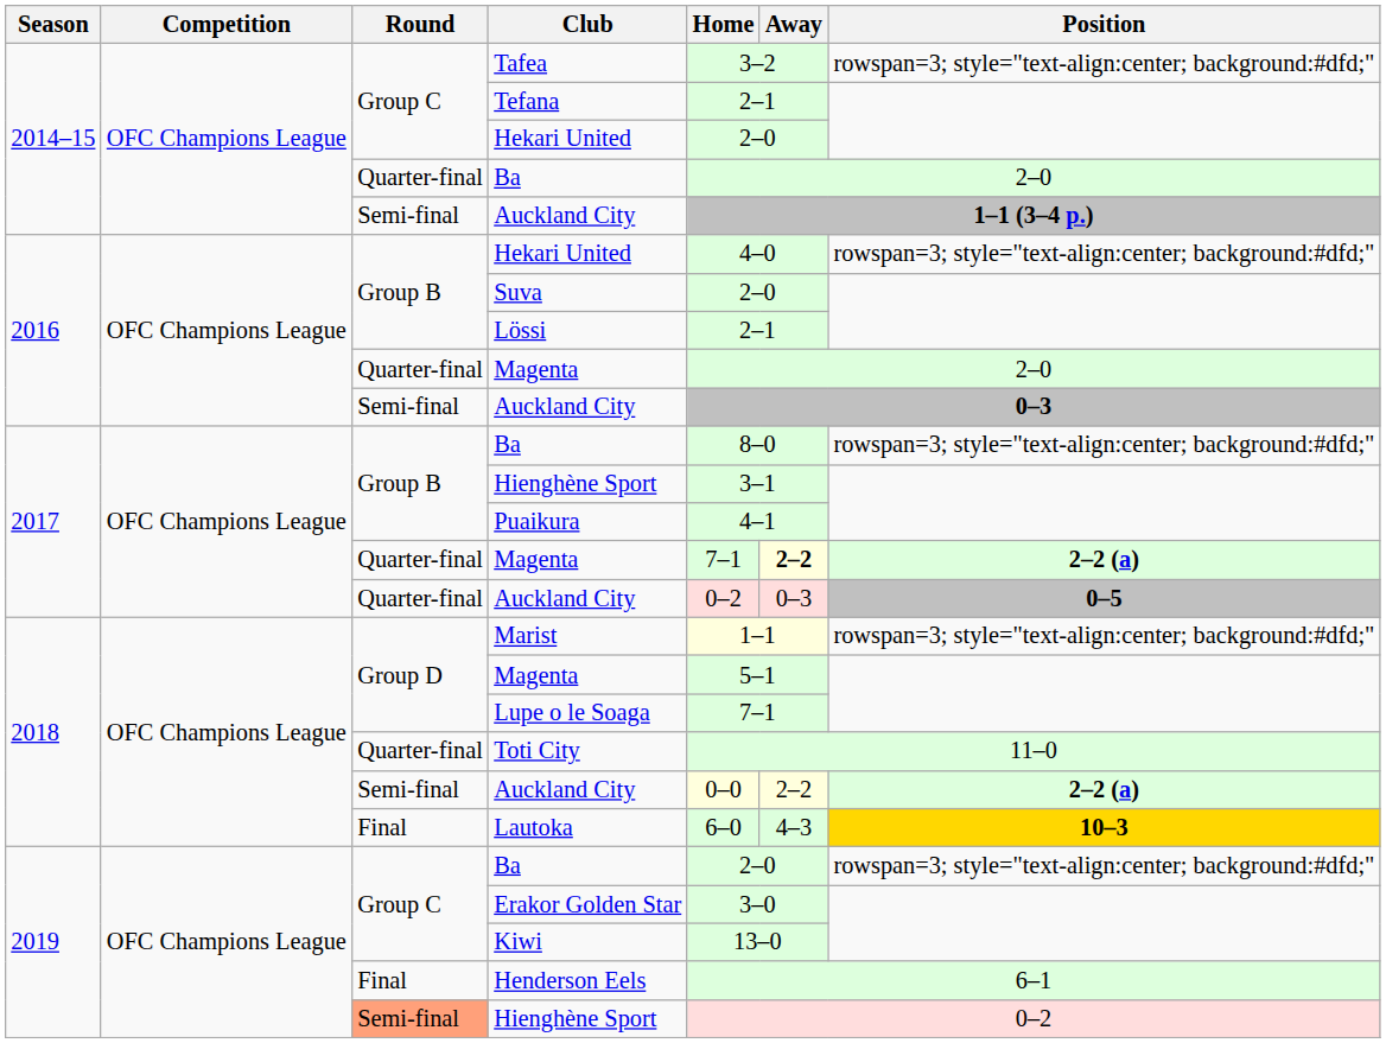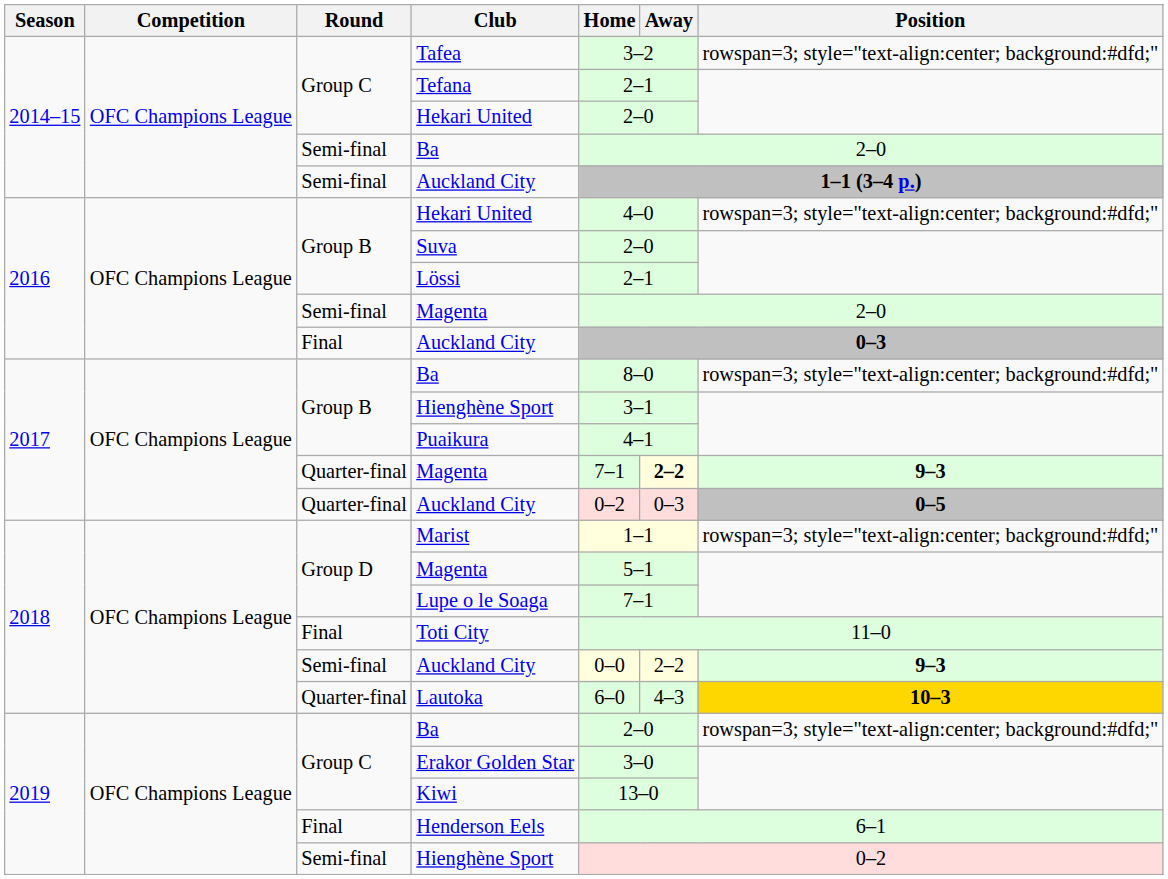 <table class="wikitable">
 <tr>
 <th>Season</th>
 <th>Competition</th>
 <th>Round</th>
 <th>Club</th>
 <th>Home</th>
 <th>Away</th>
 <th>Position</th>
 </tr>
 <tr>
 <td rowspan="5"><a href='#'>2014–15</a></td>
 <td rowspan="5"><a href='#'>OFC Champions League</a></td>
 <td rowspan="3">Group C</td>
 <td> <a href='#'>Tafea</a></td>
 <td colspan=2; style="text-align:center; background:#dfd;">3–2</td>
 <td>rowspan=3; style="text-align:center; background:#dfd;" </td>
 </tr>
 <tr>
 <td> <a href='#'>Tefana</a></td>
 <td colspan=2; style="text-align:center; background:#dfd;">2–1</td>
 </tr>
 <tr>
 <td> <a href='#'>Hekari United</a></td>
 <td colspan=2; style="text-align:center; background:#dfd;">2–0</td>
 </tr>
 <tr>
-<td>Quarter-final</td>
+<td>Semi-final</td>
 <td> <a href='#'>Ba</a></td>
 <td colspan=3 style="text-align:center; background:#dfd;">2–0</td>
 </tr>
 <tr>
 <td>Semi-final</td>
 <td> <a href='#'>Auckland City</a></td>
 <td colspan=3; style="text-align:center; background:silver;"><strong>1–1 (3–4 <a href='#'>p.</a>)</strong></td>
 </tr>
 <tr>
 <td rowspan="5"><a href='#'>2016</a></td>
 <td rowspan="5">OFC Champions League</td>
 <td rowspan="3">Group B</td>
 <td> <a href='#'>Hekari United</a></td>
 <td colspan=2; style="text-align:center; background:#dfd;">4–0</td>
 <td>rowspan=3; style="text-align:center; background:#dfd;" </td>
 </tr>
 <tr>
 <td> <a href='#'>Suva</a></td>
 <td colspan=2; style="text-align:center; background:#dfd;">2–0</td>
 </tr>
 <tr>
 <td> <a href='#'>Lössi</a></td>
 <td colspan=2; style="text-align:center; background:#dfd;">2–1</td>
 </tr>
 <tr>
-<td>Quarter-final</td>
+<td>Semi-final</td>
 <td> <a href='#'>Magenta</a></td>
 <td colspan=3 style="text-align:center; background:#dfd;">2–0</td>
 </tr>
 <tr>
-<td>Semi-final</td>
+<td rowspan="1">Final</td>
 <td> <a href='#'>Auckland City</a></td>
 <td colspan=3; style="text-align:center; background:silver;"><strong>0–3</strong></td>
 </tr>
 <tr>
 <td rowspan="5"><a href='#'>2017</a></td>
 <td rowspan="5">OFC Champions League</td>
 <td rowspan="3">Group B</td>
 <td> <a href='#'>Ba</a></td>
 <td colspan=2; style="text-align:center; background:#dfd;">8–0</td>
 <td>rowspan=3; style="text-align:center; background:#dfd;" </td>
 </tr>
 <tr>
 <td> <a href='#'>Hienghène Sport</a></td>
 <td colspan=2; style="text-align:center; background:#dfd;">3–1</td>
 </tr>
 <tr>
 <td> <a href='#'>Puaikura</a></td>
 <td colspan=2; style="text-align:center; background:#dfd;">4–1</td>
 </tr>
 <tr>
 <td>Quarter-final</td>
 <td> <a href='#'>Magenta</a></td>
 <td style="text-align:center; background:#dfd;">7–1</td>
 <td style="text-align:center; background:#ffd;"><strong>2–2</strong></td>
-<td style="text-align:center; background:#dfd;"><strong>2–2 (<a href='#'>a</a>)</strong></td>
+<td style="text-align:center; background:#dfd;"><strong>9–3</strong></td>
 </tr>
 <tr>
 <td>Quarter-final</td>
 <td> <a href='#'>Auckland City</a></td>
 <td style="text-align:center; background:#fdd;">0–2</td>
 <td style="text-align:center; background:#fdd;">0–3</td>
 <td style="text-align:center; background:silver"><strong>0–5</strong></td>
 </tr>
 <tr>
 <td rowspan="6"><a href='#'>2018</a></td>
 <td rowspan="6">OFC Champions League</td>
 <td rowspan="3">Group D</td>
 <td> <a href='#'>Marist</a></td>
 <td colspan=2; style="text-align:center; background:#ffd;">1–1</td>
 <td>rowspan=3; style="text-align:center; background:#dfd;" </td>
 </tr>
 <tr>
 <td> <a href='#'>Magenta</a></td>
 <td colspan=2; style="text-align:center; background:#dfd;">5–1</td>
 </tr>
 <tr>
 <td> <a href='#'>Lupe o le Soaga</a></td>
 <td colspan=2; style="text-align:center; background:#dfd;">7–1</td>
 </tr>
 <tr>
-<td>Quarter-final</td>
+<td rowspan="1">Final</td>
 <td> <a href='#'>Toti City</a></td>
 <td colspan=3 style="text-align:center; background:#dfd;">11–0</td>
 </tr>
 <tr>
 <td rowspan="1">Semi-final</td>
 <td> <a href='#'>Auckland City</a></td>
 <td style="text-align:center; background:#ffd;">0–0</td>
 <td style="text-align:center; background:#ffd;">2–2</td>
-<td style="text-align:center; background:#dfd;"><strong>2–2 (<a href='#'>a</a>)</strong></td>
+<td style="text-align:center; background:#dfd;"><strong>9–3</strong></td>
 </tr>
 <tr>
-<td rowspan="1">Final</td>
+<td>Quarter-final</td>
 <td> <a href='#'>Lautoka</a></td>
 <td style="text-align:center; background:#dfd;">6–0</td>
 <td style="text-align:center; background:#dfd;">4–3</td>
 <td style="text-align:center; background:gold"><strong>10–3</strong></td>
 </tr>
 <tr>
 <td rowspan="5"><a href='#'>2019</a></td>
 <td rowspan="5">OFC Champions League</td>
 <td rowspan="3">Group C</td>
 <td> <a href='#'>Ba</a></td>
 <td colspan=2; style="text-align:center; background:#dfd;">2–0</td>
 <td>rowspan=3; style="text-align:center; background:#dfd;" </td>
 </tr>
 <tr>
 <td> <a href='#'>Erakor Golden Star</a></td>
 <td colspan=2; style="text-align:center; background:#dfd;">3–0</td>
 </tr>
 <tr>
 <td> <a href='#'>Kiwi</a></td>
 <td colspan=2; style="text-align:center; background:#dfd;">13–0</td>
 </tr>
 <tr>
 <td rowspan="1">Final</td>
 <td> <a href='#'>Henderson Eels</a></td>
 <td colspan=3 style="text-align:center; background:#dfd;">6–1</td>
 </tr>
 <tr>
-<td style="background: lightsalmon;">Semi-final</td>
+<td>Semi-final</td>
 <td> <a href='#'>Hienghène Sport</a></td>
 <td colspan=3 style="text-align:center; background:#fdd;">0–2</td>
 </tr>
 <tr>
 </tr>
 </table>
